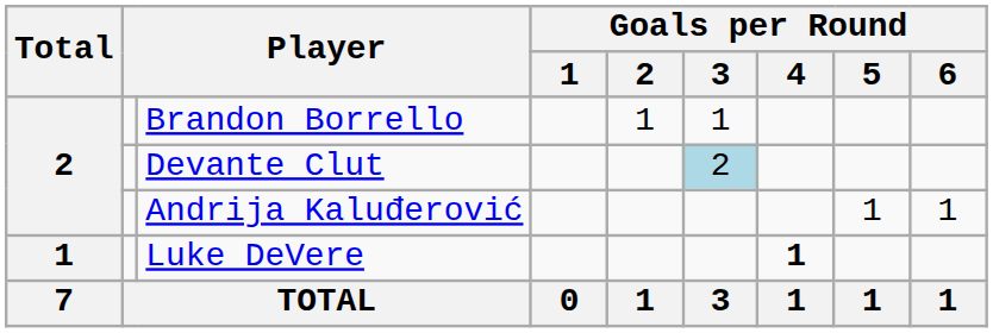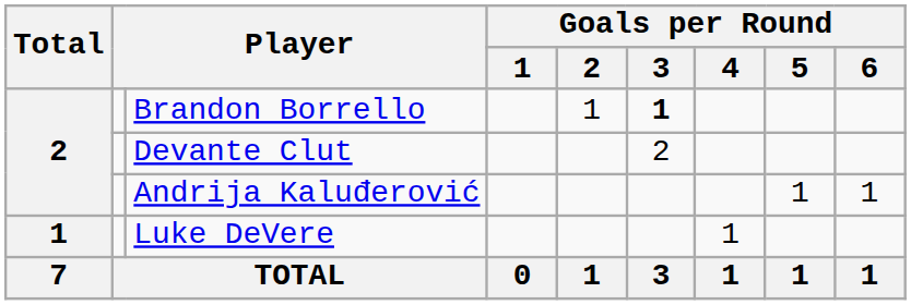 <table class="wikitable" style="text-align:center; line-height: 90%; font-size:90%;">
 <tr>
 <th rowspan=2>Total</th>
 <th rowspan=2 colspan=2>Player</th>
 <th colspan=6>Goals per Round</th>
 </tr>
 <tr>
 <th> 1 </th>
 <th> 2 </th>
 <th> 3 </th>
 <th> 4 </th>
 <th> 5 </th>
 <th> 6 </th>
 </tr>
 <tr>
 <th rowspan=3>2</th>
 <td></td>
 <td style="text-align:left;"><a href='#'>Brandon Borrello</a></td>
 <td></td>
 <td>1</td>
-<td>1</td>
+<td><strong>1</strong></td>
 <td></td>
 <td></td>
 <td></td>
 </tr>
 <tr>
 <td></td>
 <td style="text-align:left;"><a href='#'>Devante Clut</a></td>
 <td></td>
 <td></td>
-<td style="background: lightblue;">2</td>
+<td>2</td>
 <td></td>
 <td></td>
 <td></td>
 </tr>
 <tr>
 <td></td>
 <td style="text-align:left;"><a href='#'>Andrija Kaluđerović</a></td>
 <td></td>
 <td></td>
 <td></td>
 <td></td>
 <td>1</td>
 <td>1</td>
 </tr>
 <tr>
 <th rowspan=1>1</th>
 <td></td>
 <td style="text-align:left;"><a href='#'>Luke DeVere</a></td>
 <td></td>
 <td></td>
 <td></td>
-<td><strong>1</strong></td>
+<td>1</td>
 <td></td>
 <td></td>
 </tr>
 <tr>
 <th rowspan=1>7</th>
 <th colspan=2>TOTAL</th>
 <th style="text-align:center;">0</th>
 <th>1</th>
 <th>3</th>
 <th>1</th>
 <th>1</th>
 <th>1</th>
 </tr>
 </table>
